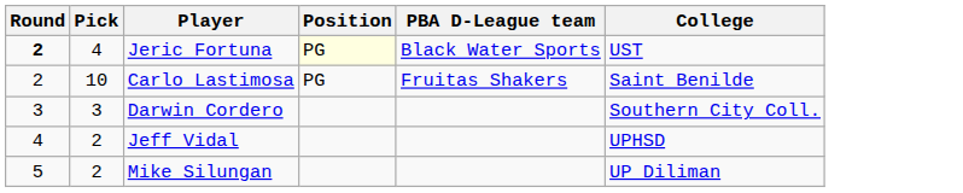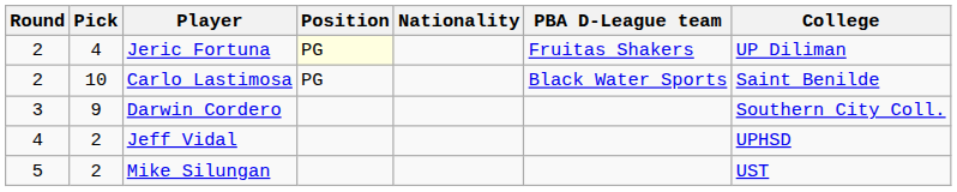 <table class="wikitable sortable sortable">
 <tr>
 <th>Round</th>
 <th>Pick</th>
 <th>Player</th>
 <th>Position</th>
+<th>Nationality</th>
 <th>PBA D-League team</th>
 <th>College</th>
 </tr>
 <tr>
-<td align=center><strong>2</strong></td>
+<td align=center>2</td>
 <td align=center>4</td>
 <td><a href='#'>Jeric Fortuna</a></td>
 <td style="background: lightyellow;">PG</td>
-<td><a href='#'>Black Water Sports</a></td>
-<td><a href='#'>UST</a></td>
+<td></td>
+<td><a href='#'>Fruitas Shakers</a></td>
+<td><a href='#'>UP Diliman</a></td>
 </tr>
 <tr>
 <td align=center>2</td>
 <td align=center>10</td>
 <td><a href='#'>Carlo Lastimosa</a></td>
 <td>PG</td>
-<td><a href='#'>Fruitas Shakers</a></td>
+<td></td>
+<td><a href='#'>Black Water Sports</a></td>
 <td><a href='#'>Saint Benilde</a></td>
 </tr>
 <tr>
 <td align=center>3</td>
-<td align=center>3</td>
+<td align=center>9</td>
 <td><a href='#'>Darwin Cordero</a></td>
+<td></td>
 <td></td>
 <td></td>
 <td><a href='#'>Southern City Coll.</a></td>
 </tr>
 <tr>
 <td align=center>4</td>
 <td align=center>2</td>
 <td><a href='#'>Jeff Vidal</a></td>
 <td></td>
 <td></td>
+<td></td>
 <td><a href='#'>UPHSD</a></td>
 </tr>
 <tr>
 <td align=center>5</td>
 <td align=center>2</td>
 <td><a href='#'>Mike Silungan</a></td>
 <td></td>
 <td></td>
-<td><a href='#'>UP Diliman</a></td>
+<td></td>
+<td><a href='#'>UST</a></td>
 </tr>
 </table>
